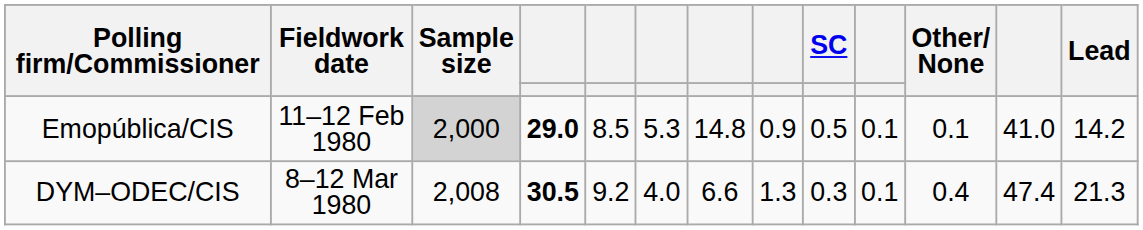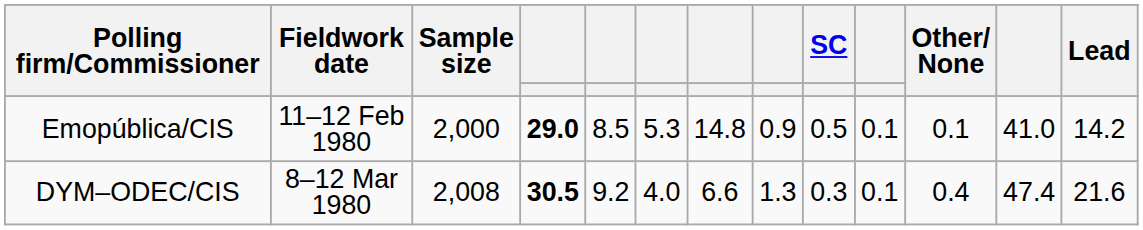 <table class="wikitable collapsible collapsed" style="text-align:center; font-size:90%; line-height:14px;">
 <tr style="height:42px;">
 <th style="width:250px;" rowspan="2">Polling firm/Commissioner</th>
 <th style="width:125px;" rowspan="2">Fieldwork date</th>
 <th style="width:50px;" rowspan="2">Sample size</th>
 <th style="width:35px;"></th>
 <th style="width:35px;"></th>
 <th style="width:35px;"></th>
 <th style="width:35px;"></th>
 <th style="width:35px;"></th>
 <th style="width:35px;"><a href='#'>SC</a></th>
 <th style="width:35px;"></th>
 <th style="width:35px;" rowspan="2">Other/<br>None</th>
 <th style="width:35px;" rowspan="2"></th>
 <th style="width:30px;" rowspan="2">Lead</th>
 </tr>
 <tr>
 <th style="color:inherit;background:"></th>
 <th style="color:inherit;background:"></th>
 <th style="color:inherit;background:"></th>
 <th style="color:inherit;background:"></th>
 <th style="color:inherit;background:"></th>
 <th style="color:inherit;background:"></th>
 <th style="color:inherit;background:"></th>
 </tr>
 <tr>
 <td>Emopública/CIS</td>
 <td>11–12 Feb 1980</td>
-<td style="background: lightgrey;">2,000</td>
+<td>2,000</td>
 <td><strong>29.0</strong></td>
 <td>8.5</td>
 <td>5.3</td>
 <td>14.8</td>
 <td>0.9</td>
 <td>0.5</td>
 <td>0.1</td>
 <td>0.1</td>
 <td>41.0</td>
 <td style="background:">14.2</td>
 </tr>
 <tr>
 <td>DYM–ODEC/CIS</td>
 <td>8–12 Mar 1980</td>
 <td>2,008</td>
 <td><strong>30.5</strong></td>
 <td>9.2</td>
 <td>4.0</td>
 <td>6.6</td>
 <td>1.3</td>
 <td>0.3</td>
 <td>0.1</td>
 <td>0.4</td>
 <td>47.4</td>
-<td style="background:">21.3</td>
+<td style="background:">21.6</td>
 </tr>
 </table>
